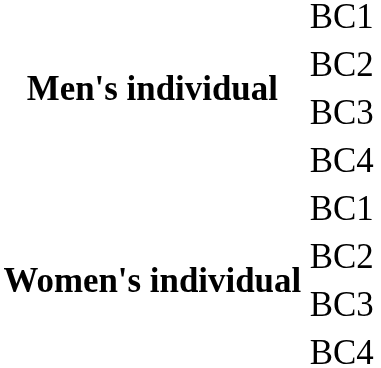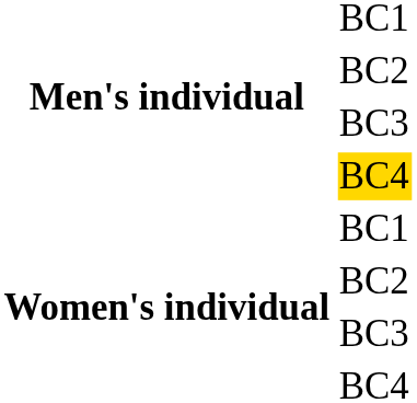 <table>
 <tr>
 <th rowspan="4">Men's individual</th>
 <td>BC1<br></td>
 <td></td>
 <td></td>
 <td></td>
 </tr>
 <tr>
 <td>BC2<br></td>
 <td></td>
 <td></td>
 <td></td>
 </tr>
 <tr>
 <td>BC3<br></td>
 <td></td>
 <td></td>
 <td></td>
 </tr>
 <tr>
-<td>BC4<br></td>
+<td style="background: gold;">BC4<br></td>
 <td></td>
 <td></td>
 <td></td>
 </tr>
 <tr>
 <th rowspan="4">Women's individual</th>
 <td>BC1<br></td>
 <td></td>
 <td></td>
 <td></td>
 </tr>
 <tr>
 <td>BC2<br></td>
 <td></td>
 <td></td>
 <td></td>
 </tr>
 <tr>
 <td>BC3<br></td>
 <td></td>
 <td></td>
 <td></td>
 </tr>
 <tr>
 <td>BC4<br></td>
 <td></td>
 <td></td>
 <td></td>
 </tr>
 </table>
